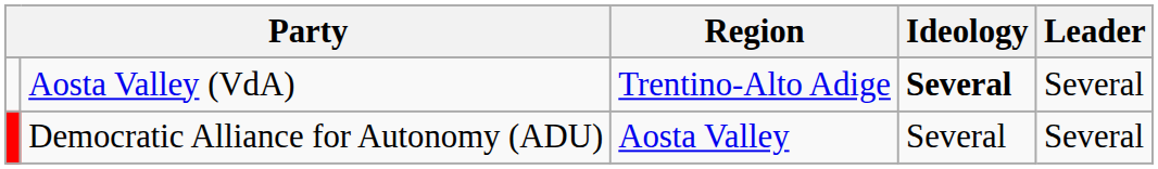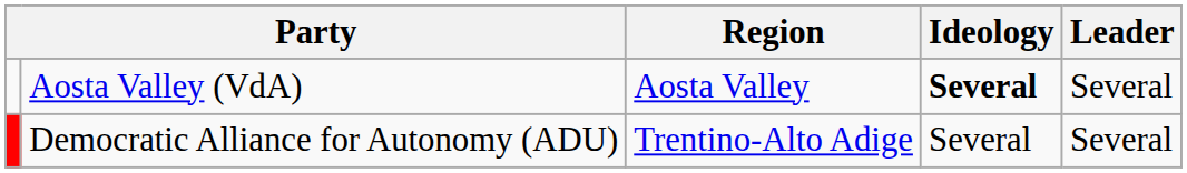 <table class=wikitable style=text-align:left>
 <tr>
 <th colspan=2>Party</th>
 <th>Region</th>
 <th>Ideology</th>
 <th>Leader</th>
 </tr>
 <tr>
 <td style="background-color:"></td>
 <td><a href='#'>Aosta Valley</a> (VdA)</td>
-<td><a href='#'>Trentino-Alto Adige</a></td>
+<td><a href='#'>Aosta Valley</a></td>
 <td><strong>Several</strong></td>
 <td>Several</td>
 </tr>
 <tr>
 <td bgcolor="red"></td>
 <td>Democratic Alliance for Autonomy (ADU)</td>
-<td><a href='#'>Aosta Valley</a></td>
+<td><a href='#'>Trentino-Alto Adige</a></td>
 <td>Several</td>
 <td>Several</td>
 </tr>
 </table>
